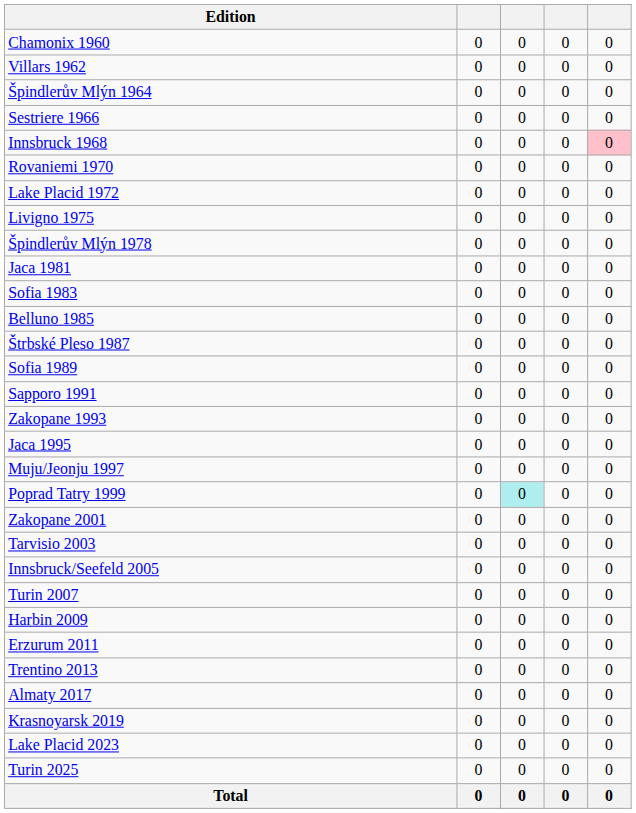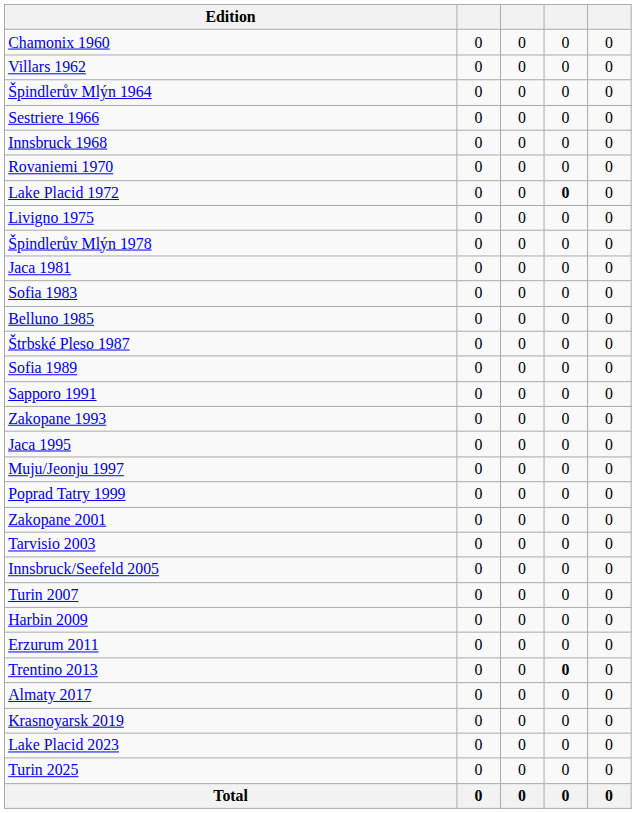 <table class="wikitable" width=40% style="font-size:100%; text-align:center;">
 <tr>
 <th>Edition</th>
 <th></th>
 <th></th>
 <th></th>
 <th></th>
 </tr>
 <tr>
 <td align=left> <a href='#'>Chamonix 1960</a></td>
 <td>0</td>
 <td>0</td>
 <td>0</td>
 <td>0</td>
 </tr>
 <tr>
 <td align=left> <a href='#'>Villars 1962</a></td>
 <td>0</td>
 <td>0</td>
 <td>0</td>
 <td>0</td>
 </tr>
 <tr>
 <td align=left> <a href='#'>Špindlerův Mlýn 1964</a></td>
 <td>0</td>
 <td>0</td>
 <td>0</td>
 <td>0</td>
 </tr>
 <tr>
 <td align=left> <a href='#'>Sestriere 1966</a></td>
 <td>0</td>
 <td>0</td>
 <td>0</td>
 <td>0</td>
 </tr>
 <tr>
 <td align=left> <a href='#'>Innsbruck 1968</a></td>
 <td>0</td>
 <td>0</td>
 <td>0</td>
-<td style="background: pink;">0</td>
+<td>0</td>
 </tr>
 <tr>
 <td align=left> <a href='#'>Rovaniemi 1970</a></td>
 <td>0</td>
 <td>0</td>
 <td>0</td>
 <td>0</td>
 </tr>
 <tr>
 <td align=left> <a href='#'>Lake Placid 1972</a></td>
 <td>0</td>
 <td>0</td>
-<td>0</td>
+<td><strong>0</strong></td>
 <td>0</td>
 </tr>
 <tr>
 <td align=left> <a href='#'>Livigno 1975</a></td>
 <td>0</td>
 <td>0</td>
 <td>0</td>
 <td>0</td>
 </tr>
 <tr>
 <td align=left> <a href='#'>Špindlerův Mlýn 1978</a></td>
 <td>0</td>
 <td>0</td>
 <td>0</td>
 <td>0</td>
 </tr>
 <tr>
 <td align=left> <a href='#'>Jaca 1981</a></td>
 <td>0</td>
 <td>0</td>
 <td>0</td>
 <td>0</td>
 </tr>
 <tr>
 <td align=left> <a href='#'>Sofia 1983</a></td>
 <td>0</td>
 <td>0</td>
 <td>0</td>
 <td>0</td>
 </tr>
 <tr>
 <td align=left> <a href='#'>Belluno 1985</a></td>
 <td>0</td>
 <td>0</td>
 <td>0</td>
 <td>0</td>
 </tr>
 <tr>
 <td align=left> <a href='#'>Štrbské Pleso 1987</a></td>
 <td>0</td>
 <td>0</td>
 <td>0</td>
 <td>0</td>
 </tr>
 <tr>
 <td align=left> <a href='#'>Sofia 1989</a></td>
 <td>0</td>
 <td>0</td>
 <td>0</td>
 <td>0</td>
 </tr>
 <tr>
 <td align=left> <a href='#'>Sapporo 1991</a></td>
 <td>0</td>
 <td>0</td>
 <td>0</td>
 <td>0</td>
 </tr>
 <tr>
 <td align=left> <a href='#'>Zakopane 1993</a></td>
 <td>0</td>
 <td>0</td>
 <td>0</td>
 <td>0</td>
 </tr>
 <tr>
 <td align=left> <a href='#'>Jaca 1995</a></td>
 <td>0</td>
 <td>0</td>
 <td>0</td>
 <td>0</td>
 </tr>
 <tr>
 <td align=left> <a href='#'>Muju/Jeonju 1997</a></td>
 <td>0</td>
 <td>0</td>
 <td>0</td>
 <td>0</td>
 </tr>
 <tr>
 <td align=left> <a href='#'>Poprad Tatry 1999</a></td>
 <td>0</td>
-<td style="background: paleturquoise;">0</td>
+<td>0</td>
 <td>0</td>
 <td>0</td>
 </tr>
 <tr>
 <td align=left> <a href='#'>Zakopane 2001</a></td>
 <td>0</td>
 <td>0</td>
 <td>0</td>
 <td>0</td>
 </tr>
 <tr>
 <td align=left> <a href='#'>Tarvisio 2003</a></td>
 <td>0</td>
 <td>0</td>
 <td>0</td>
 <td>0</td>
 </tr>
 <tr>
 <td align=left> <a href='#'>Innsbruck/Seefeld 2005</a></td>
 <td>0</td>
 <td>0</td>
 <td>0</td>
 <td>0</td>
 </tr>
 <tr>
 <td align=left> <a href='#'>Turin 2007</a></td>
 <td>0</td>
 <td>0</td>
 <td>0</td>
 <td>0</td>
 </tr>
 <tr>
 <td align=left> <a href='#'>Harbin 2009</a></td>
 <td>0</td>
 <td>0</td>
 <td>0</td>
 <td>0</td>
 </tr>
 <tr>
 <td align=left> <a href='#'>Erzurum 2011</a></td>
 <td>0</td>
 <td>0</td>
 <td>0</td>
 <td>0</td>
 </tr>
 <tr>
 <td align=left> <a href='#'>Trentino 2013</a></td>
 <td>0</td>
 <td>0</td>
-<td>0</td>
+<td><strong>0</strong></td>
 <td>0</td>
 </tr>
 <tr>
 <td align=left> <a href='#'>Almaty 2017</a></td>
 <td>0</td>
 <td>0</td>
 <td>0</td>
 <td>0</td>
 </tr>
 <tr>
 <td align=left> <a href='#'>Krasnoyarsk 2019</a></td>
 <td>0</td>
 <td>0</td>
 <td>0</td>
 <td>0</td>
 </tr>
 <tr>
 <td align=left> <a href='#'>Lake Placid 2023</a></td>
 <td>0</td>
 <td>0</td>
 <td>0</td>
 <td>0</td>
 </tr>
 <tr>
 <td align=left> <a href='#'>Turin 2025</a></td>
 <td>0</td>
 <td>0</td>
 <td>0</td>
 <td>0</td>
 </tr>
 <tr>
 <th align-right>Total</th>
 <th>0</th>
 <th>0</th>
 <th>0</th>
 <th>0</th>
 </tr>
 </table>
